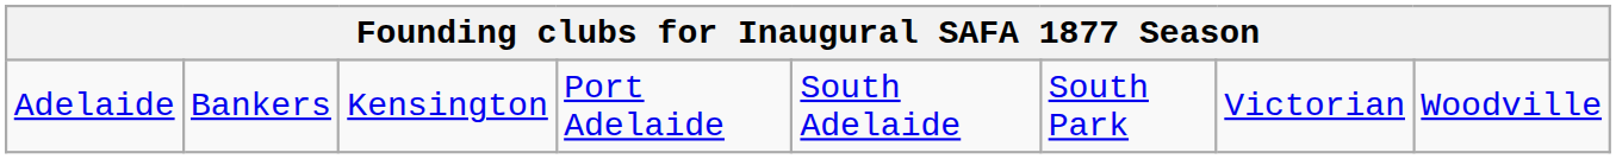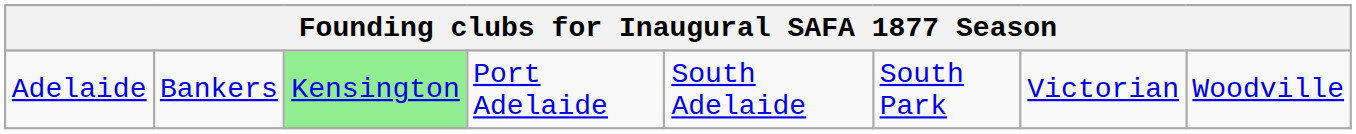 <table class="wikitable" style="margin:0.2em auto">
 <tr>
 <th colspan="8">Founding clubs for Inaugural SAFA 1877 Season</th>
 </tr>
 <tr>
 <td><a href='#'>Adelaide</a></td>
 <td><a href='#'>Bankers</a></td>
-<td><a href='#'>Kensington</a></td>
+<td style="background: lightgreen;"><a href='#'>Kensington</a></td>
 <td><a href='#'>Port Adelaide</a></td>
 <td><a href='#'>South Adelaide</a></td>
 <td><a href='#'>South Park</a></td>
 <td><a href='#'>Victorian</a></td>
 <td><a href='#'>Woodville</a></td>
 </tr>
 </table>
